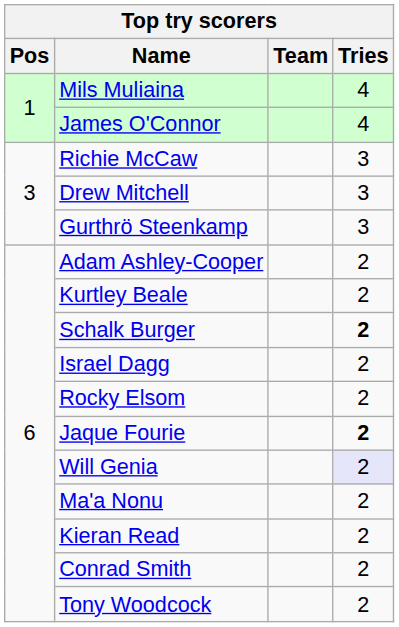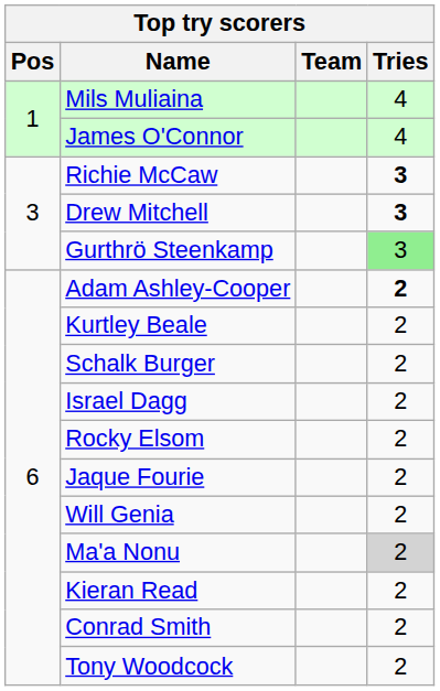 <table class="wikitable" style="text-align:center">
 <tr>
 <th colspan=9>Top try scorers</th>
 </tr>
 <tr>
 <th>Pos</th>
 <th>Name</th>
 <th>Team</th>
 <th>Tries</th>
 </tr>
 <tr style="background:#d0ffd0">
 <td rowspan="2">1</td>
 <td style="text-align:left"><a href='#'>Mils Muliaina</a></td>
 <td style="text-align:left"></td>
 <td>4</td>
 </tr>
 <tr style="background:#d0ffd0">
 <td style="text-align:left"><a href='#'>James O'Connor</a></td>
 <td style="text-align:left"></td>
 <td>4</td>
 </tr>
 <tr>
 <td rowspan="3">3</td>
 <td style="text-align:left"><a href='#'>Richie McCaw</a></td>
 <td style="text-align:left"></td>
-<td>3</td>
+<td><strong>3</strong></td>
 </tr>
 <tr>
 <td style="text-align:left"><a href='#'>Drew Mitchell</a></td>
 <td style="text-align:left"></td>
-<td>3</td>
+<td><strong>3</strong></td>
 </tr>
 <tr>
 <td style="text-align:left"><a href='#'>Gurthrö Steenkamp</a></td>
 <td style="text-align:left"></td>
-<td>3</td>
+<td style="background: lightgreen;">3</td>
 </tr>
 <tr>
 <td rowspan="11">6</td>
 <td style="text-align:left"><a href='#'>Adam Ashley-Cooper</a></td>
 <td style="text-align:left"></td>
-<td>2</td>
+<td><strong>2</strong></td>
 </tr>
 <tr>
 <td style="text-align:left"><a href='#'>Kurtley Beale</a></td>
 <td style="text-align:left"></td>
 <td>2</td>
 </tr>
 <tr>
 <td style="text-align:left"><a href='#'>Schalk Burger</a></td>
 <td style="text-align:left"></td>
-<td><strong>2</strong></td>
+<td>2</td>
 </tr>
 <tr>
 <td style="text-align:left"><a href='#'>Israel Dagg</a></td>
 <td style="text-align:left"></td>
 <td>2</td>
 </tr>
 <tr>
 <td style="text-align:left"><a href='#'>Rocky Elsom</a></td>
 <td style="text-align:left"></td>
 <td>2</td>
 </tr>
 <tr>
 <td style="text-align:left"><a href='#'>Jaque Fourie</a></td>
 <td style="text-align:left"></td>
-<td><strong>2</strong></td>
+<td>2</td>
 </tr>
 <tr>
 <td style="text-align:left"><a href='#'>Will Genia</a></td>
 <td style="text-align:left"></td>
-<td style="background: lavender;">2</td>
+<td>2</td>
 </tr>
 <tr>
 <td style="text-align:left"><a href='#'>Ma'a Nonu</a></td>
 <td style="text-align:left"></td>
-<td>2</td>
+<td style="background: lightgrey;">2</td>
 </tr>
 <tr>
 <td style="text-align:left"><a href='#'>Kieran Read</a></td>
 <td style="text-align:left"></td>
 <td>2</td>
 </tr>
 <tr>
 <td style="text-align:left"><a href='#'>Conrad Smith</a></td>
 <td style="text-align:left"></td>
 <td>2</td>
 </tr>
 <tr>
 <td style="text-align:left"><a href='#'>Tony Woodcock</a></td>
 <td style="text-align:left"></td>
 <td>2</td>
 </tr>
 </table>
